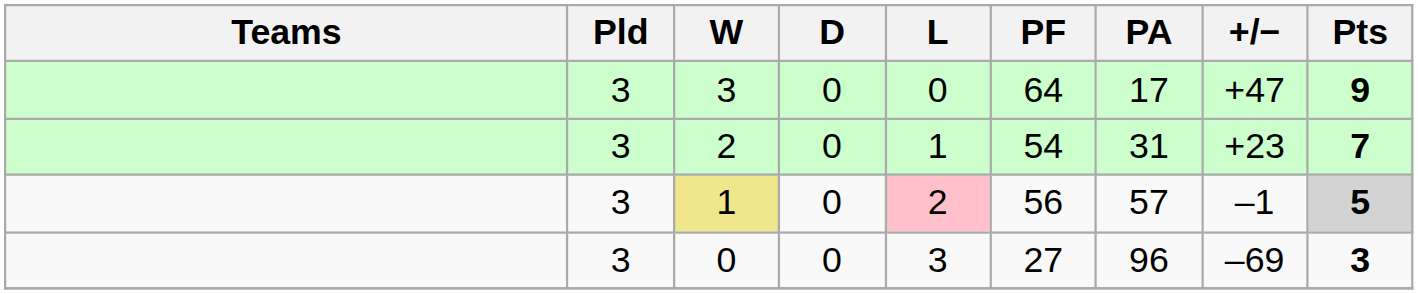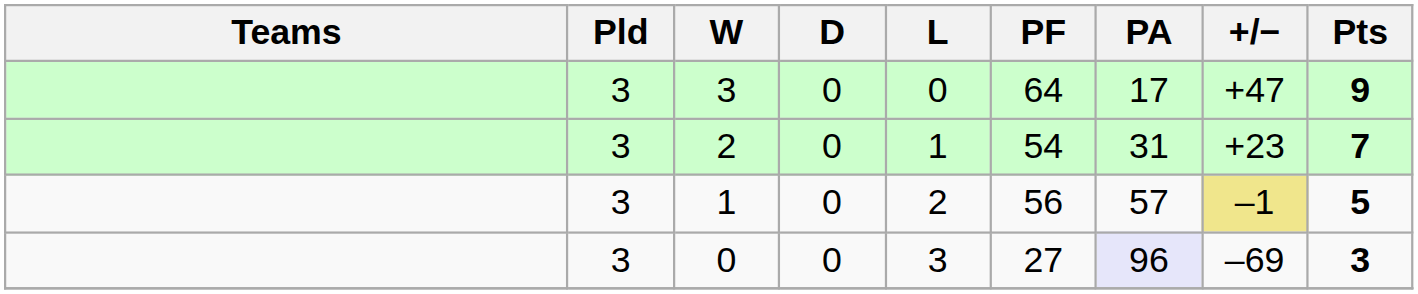 <table class="wikitable" style="text-align: center;">
 <tr>
 <th width="245">Teams</th>
 <th width="40">Pld</th>
 <th width="40">W</th>
 <th width="40">D</th>
 <th width="40">L</th>
 <th width="40">PF</th>
 <th width="40">PA</th>
 <th width="40">+/−</th>
 <th width="40">Pts</th>
 </tr>
 <tr bgcolor=ccffcc>
 <td align=left></td>
 <td>3</td>
 <td>3</td>
 <td>0</td>
 <td>0</td>
 <td>64</td>
 <td>17</td>
 <td>+47</td>
 <td><strong>9</strong></td>
 </tr>
 <tr bgcolor=ccffcc>
 <td align=left></td>
 <td>3</td>
 <td>2</td>
 <td>0</td>
 <td>1</td>
 <td>54</td>
 <td>31</td>
 <td>+23</td>
 <td><strong>7</strong></td>
 </tr>
 <tr>
 <td align=left></td>
 <td>3</td>
-<td style="background: khaki;">1</td>
+<td>1</td>
 <td>0</td>
-<td style="background: pink;">2</td>
+<td>2</td>
 <td>56</td>
 <td>57</td>
-<td>–1</td>
-<td style="background: lightgrey;"><strong>5</strong></td>
+<td style="background: khaki;">–1</td>
+<td><strong>5</strong></td>
 </tr>
 <tr>
 <td align=left></td>
 <td>3</td>
 <td>0</td>
 <td>0</td>
 <td>3</td>
 <td>27</td>
-<td>96</td>
+<td style="background: lavender;">96</td>
 <td>–69</td>
 <td><strong>3</strong></td>
 </tr>
 <tr>
 </tr>
 </table>
